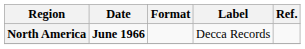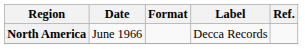 <table class="wikitable plainrowheaders">
 <tr>
 <th scope="col">Region</th>
 <th scope="col">Date</th>
 <th scope="col">Format</th>
 <th scope="col">Label</th>
 <th scope="col">Ref.</th>
 </tr>
 <tr>
 <th scope="row">North America</th>
-<td><strong>June 1966</strong></td>
+<td>June 1966</td>
 <td></td>
 <td>Decca Records</td>
 <td></td>
 </tr>
 <tr>
 </tr>
 </table>
